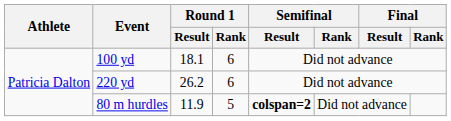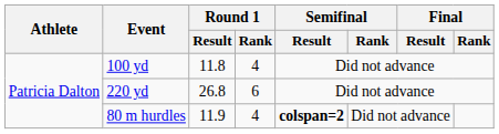 <table class=wikitable style=font-size:90%>
 <tr>
 <th rowspan=2>Athlete</th>
 <th rowspan=2>Event</th>
 <th colspan=2>Round 1</th>
 <th colspan=2>Semifinal</th>
 <th colspan=2>Final</th>
 </tr>
 <tr style=font-size:95%>
 <th>Result</th>
 <th>Rank</th>
 <th>Result</th>
 <th>Rank</th>
 <th>Result</th>
 <th>Rank</th>
 </tr>
 <tr align=center>
 <td align=left rowspan=3><a href='#'>Patricia Dalton</a></td>
 <td align=left><a href='#'>100 yd</a></td>
-<td>18.1</td>
-<td>6</td>
+<td>11.8</td>
+<td>4</td>
 <td colspan=4>Did not advance</td>
 </tr>
 <tr align=center>
 <td align=left><a href='#'>220 yd</a></td>
-<td>26.2</td>
+<td>26.8</td>
 <td>6</td>
 <td colspan=4>Did not advance</td>
 </tr>
 <tr align=center>
 <td align=left><a href='#'>80 m hurdles</a></td>
 <td>11.9</td>
-<td>5</td>
+<td>4</td>
 <td><strong>colspan=2 </strong></td>
 <td colspan=2>Did not advance</td>
 </tr>
 </table>
